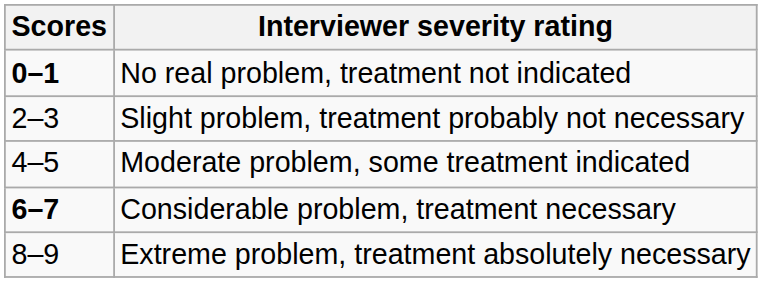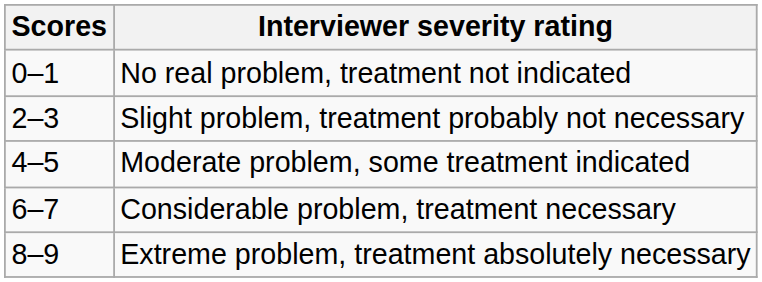 <table class="wikitable">
 <tr>
 <th>Scores</th>
 <th>Interviewer severity rating</th>
 </tr>
 <tr>
-<td><strong>0–1</strong></td>
+<td>0–1</td>
 <td>No real problem, treatment not indicated</td>
 </tr>
 <tr>
 <td>2–3</td>
 <td>Slight problem, treatment probably not necessary</td>
 </tr>
 <tr>
 <td>4–5</td>
 <td>Moderate problem, some treatment indicated</td>
 </tr>
 <tr>
-<td><strong>6–7</strong></td>
+<td>6–7</td>
 <td>Considerable problem, treatment necessary</td>
 </tr>
 <tr>
 <td>8–9</td>
 <td>Extreme problem, treatment absolutely necessary</td>
 </tr>
 </table>
